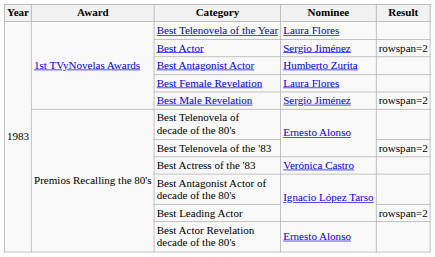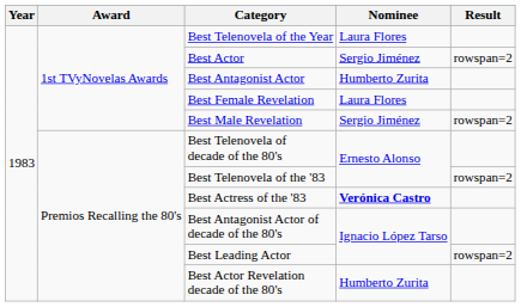 <table class="wikitable">
 <tr style="background:#b0c4de;">
 <th>Year</th>
 <th>Award</th>
 <th>Category</th>
 <th>Nominee</th>
 <th>Result</th>
 </tr>
 <tr>
 <td rowspan=11>1983</td>
 <td rowspan=5><a href='#'>1st TVyNovelas Awards</a></td>
 <td><a href='#'>Best Telenovela of the Year</a></td>
 <td><a href='#'>Laura Flores</a></td>
 <td></td>
 </tr>
 <tr>
 <td><a href='#'>Best Actor</a></td>
 <td><a href='#'>Sergio Jiménez</a></td>
 <td>rowspan=2 </td>
 </tr>
 <tr>
 <td><a href='#'>Best Antagonist Actor</a></td>
 <td><a href='#'>Humberto Zurita</a></td>
 </tr>
 <tr>
 <td><a href='#'>Best Female Revelation</a></td>
 <td><a href='#'>Laura Flores</a></td>
 <td></td>
 </tr>
 <tr>
 <td><a href='#'>Best Male Revelation</a></td>
 <td><a href='#'>Sergio Jiménez</a></td>
 <td>rowspan=2 </td>
 </tr>
 <tr>
 <td rowspan=6>Premios Recalling the 80's</td>
 <td>Best Telenovela of <br> decade of the 80's</td>
 <td rowspan=2><a href='#'>Ernesto Alonso</a></td>
 </tr>
 <tr>
 <td>Best Telenovela of the '83</td>
 <td>rowspan=2 </td>
 </tr>
 <tr>
 <td>Best Actress of the '83</td>
-<td><a href='#'>Verónica Castro</a></td>
+<td><strong><a href='#'>Verónica Castro</a></strong></td>
 </tr>
 <tr>
 <td>Best Antagonist Actor of <br> decade of the 80's</td>
 <td rowspan=2><a href='#'>Ignacio López Tarso</a></td>
 <td></td>
 </tr>
 <tr>
 <td>Best Leading Actor</td>
 <td>rowspan=2 </td>
 </tr>
 <tr>
 <td>Best Actor Revelation <br> decade of the 80's</td>
-<td><a href='#'>Ernesto Alonso</a></td>
+<td><a href='#'>Humberto Zurita</a></td>
 </tr>
 </table>
